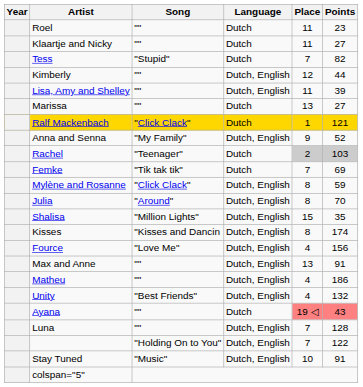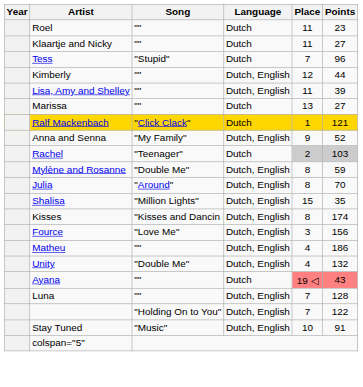 <table class="wikitable sortable plainrowheaders">
 <tr>
 <th scope="col">Year</th>
 <th scope="col">Artist</th>
 <th scope="col">Song</th>
 <th scope="col">Language</th>
 <th scope="col" data-sort-type="number">Place</th>
 <th scope="col" data-sort-type="number">Points</th>
 </tr>
 <tr>
 <th scope="row" style="text-align:center;"></th>
 <td>Roel</td>
 <td>""</td>
 <td>Dutch</td>
 <td style="text-align:center;">11</td>
 <td style="text-align:center;">23</td>
 </tr>
 <tr>
 <th scope="row" style="text-align:center;"></th>
 <td>Klaartje and Nicky</td>
 <td>""</td>
 <td>Dutch</td>
 <td style="text-align:center;">11</td>
 <td style="text-align:center;">27</td>
 </tr>
 <tr>
 <th scope="row" style="text-align:center;"></th>
 <td><a href='#'>Tess</a></td>
 <td>"Stupid"</td>
 <td>Dutch</td>
 <td style="text-align:center;">7</td>
-<td style="text-align:center;">82</td>
+<td style="text-align:center;">96</td>
 </tr>
 <tr>
 <th scope="row" style="text-align:center;"></th>
 <td>Kimberly</td>
 <td>""</td>
 <td>Dutch, English</td>
 <td style="text-align:center;">12</td>
 <td style="text-align:center;">44</td>
 </tr>
 <tr>
 <th scope="row" style="text-align:center;"></th>
 <td><a href='#'>Lisa, Amy and Shelley</a></td>
 <td>""</td>
 <td>Dutch, English</td>
 <td style="text-align:center;">11</td>
 <td style="text-align:center;">39</td>
 </tr>
 <tr>
 <th scope="row" style="text-align:center;"></th>
 <td>Marissa</td>
 <td>""</td>
 <td>Dutch</td>
 <td style="text-align:center;">13</td>
 <td style="text-align:center;">27</td>
 </tr>
 <tr style="background-color:#FFD700;">
 <th scope="row" style="text-align:center;"></th>
 <td><a href='#'>Ralf Mackenbach</a></td>
 <td>"<a href='#'>Click Clack</a>"</td>
 <td>Dutch</td>
 <td style="text-align:center;">1</td>
 <td style="text-align:center;">121</td>
 </tr>
 <tr>
 <th scope="row" style="text-align:center;"></th>
 <td>Anna and Senna</td>
 <td>"My Family"</td>
 <td>Dutch, English</td>
 <td style="text-align:center;">9</td>
 <td style="text-align:center;">52</td>
 </tr>
 <tr>
 <th scope="row" style="text-align:center;"></th>
 <td><a href='#'>Rachel</a></td>
 <td>"Teenager"</td>
 <td>Dutch</td>
 <td style="text-align:center; background-color:#CCC;">2</td>
 <td style="text-align:center; background-color:#CCC;">103</td>
 </tr>
 <tr>
 <th scope="row" style="text-align:center;"></th>
-<td><a href='#'>Femke</a></td>
-<td>"Tik tak tik"</td>
-<td>Dutch</td>
-<td style="text-align:center;">7</td>
-<td style="text-align:center;">69</td>
-</tr>
-<tr>
-<th scope="row" style="text-align:center;"></th>
 <td><a href='#'>Mylène and Rosanne</a></td>
-<td>"<a href='#'>Click Clack</a>"</td>
+<td>"Double Me"</td>
 <td>Dutch, English</td>
 <td style="text-align:center;">8</td>
 <td style="text-align:center;">59</td>
 </tr>
 <tr>
 <th scope="row" style="text-align:center;"></th>
 <td><a href='#'>Julia</a></td>
 <td>"<a href='#'>Around</a>"</td>
 <td>Dutch, English</td>
 <td style="text-align:center;">8</td>
 <td style="text-align:center;">70</td>
 </tr>
 <tr>
 <th scope="row" style="text-align:center;"></th>
 <td><a href='#'>Shalisa</a></td>
 <td>"Million Lights"</td>
 <td>Dutch, English</td>
 <td style="text-align:center;">15</td>
 <td style="text-align:center;">35</td>
 </tr>
 <tr>
 <th scope="row" style="text-align:center;"></th>
 <td>Kisses</td>
 <td>"Kisses and Dancin</td>
 <td>Dutch, English</td>
 <td style="text-align:center;">8</td>
 <td style="text-align:center;">174</td>
 </tr>
 <tr>
 <th scope="row" style="text-align:center;"></th>
 <td><a href='#'>Fource</a></td>
 <td>"Love Me"</td>
 <td>Dutch, English</td>
-<td style="text-align:center;">4</td>
+<td style="text-align:center;">3</td>
 <td style="text-align:center;">156</td>
-</tr>
-<tr>
-<th scope="row" style="text-align:center;"></th>
-<td>Max and Anne</td>
-<td>""</td>
-<td>Dutch, English</td>
-<td style="text-align:center;">13</td>
-<td style="text-align:center;">91</td>
 </tr>
 <tr>
 <th scope="row" style="text-align:center;"></th>
 <td><a href='#'>Matheu</a></td>
 <td>""</td>
 <td>Dutch, English</td>
 <td style="text-align:center;">4</td>
 <td style="text-align:center;">186</td>
 </tr>
 <tr>
 <th scope="row" style="text-align:center;"></th>
 <td><a href='#'>Unity</a></td>
-<td>"Best Friends"</td>
+<td>"Double Me"</td>
 <td>Dutch, English</td>
 <td style="text-align:center;">4</td>
 <td style="text-align:center;">132</td>
 </tr>
 <tr>
 <th scope="row" style="text-align:center;"></th>
 <td><a href='#'>Ayana</a></td>
 <td>"" </td>
 <td>Dutch</td>
 <td style="text-align:center; background-color:#FE8080;">19 ◁</td>
 <td style="text-align:center; background-color:#FE8080;">43</td>
 </tr>
 <tr>
 <th scope="row" style="text-align:center;"></th>
 <td>Luna</td>
 <td>""</td>
 <td>Dutch, English</td>
 <td style="text-align:center;">7</td>
 <td style="text-align:center;">128</td>
 </tr>
 <tr>
 <th scope="row" style="text-align:center;"></th>
 <td></td>
 <td>"Holding On to You"</td>
 <td>Dutch, English</td>
 <td style="text-align:center;">7</td>
 <td style="text-align:center;">122</td>
 </tr>
 <tr>
 <th scope="row" style="text-align:center;"></th>
 <td>Stay Tuned</td>
 <td>"Music"</td>
 <td>Dutch, English</td>
 <td style="text-align:center;">10</td>
 <td style="text-align:center;">91</td>
 </tr>
 <tr>
 <th scope="row" style="text-align:center;"></th>
 <td>colspan="5" </td>
 </tr>
 </table>
